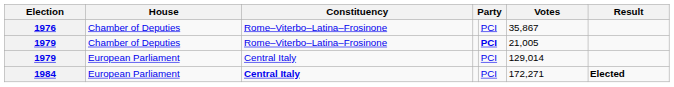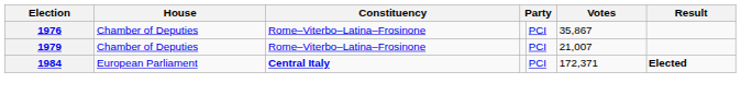 <table class=wikitable style="width:55%; border:1px #AAAAFF solid">
 <tr>
 <th width=12%>Election</th>
 <th width=23%>House</th>
 <th width=34%>Constituency</th>
 <th width=5% colspan="2">Party</th>
 <th width=12%>Votes</th>
 <th width=12%>Result</th>
 </tr>
 <tr>
 <th><a href='#'>1976</a></th>
 <td><a href='#'>Chamber of Deputies</a></td>
 <td><a href='#'>Rome–Viterbo–Latina–Frosinone</a></td>
 <td></td>
 <td><a href='#'>PCI</a></td>
 <td>35,867</td>
 <td></td>
 </tr>
 <tr>
 <th><a href='#'>1979</a></th>
 <td><a href='#'>Chamber of Deputies</a></td>
 <td><a href='#'>Rome–Viterbo–Latina–Frosinone</a></td>
 <td></td>
-<td><strong><a href='#'>PCI</a></strong></td>
-<td>21,005</td>
-<td></td>
-</tr>
-<tr>
-<th><a href='#'>1979</a></th>
-<td><a href='#'>European Parliament</a></td>
-<td><a href='#'>Central Italy</a></td>
-<td></td>
 <td><a href='#'>PCI</a></td>
-<td>129,014</td>
+<td>21,007</td>
 <td></td>
 </tr>
 <tr>
 <th><a href='#'>1984</a></th>
 <td><a href='#'>European Parliament</a></td>
 <td><strong><a href='#'>Central Italy</a></strong></td>
 <td></td>
 <td><a href='#'>PCI</a></td>
-<td>172,271</td>
+<td>172,371</td>
 <td> <strong>Elected</strong></td>
 </tr>
 </table>
